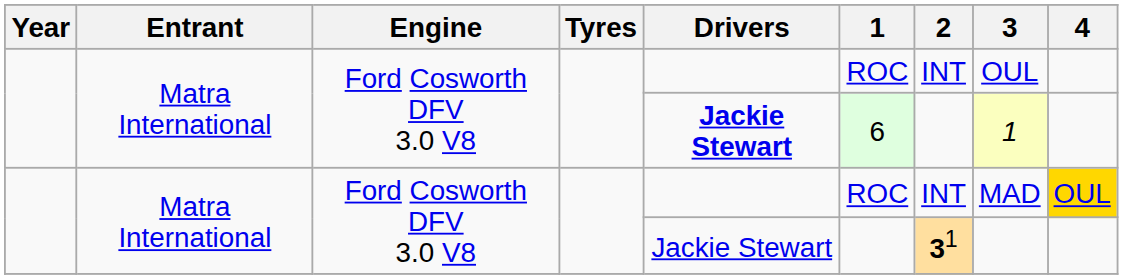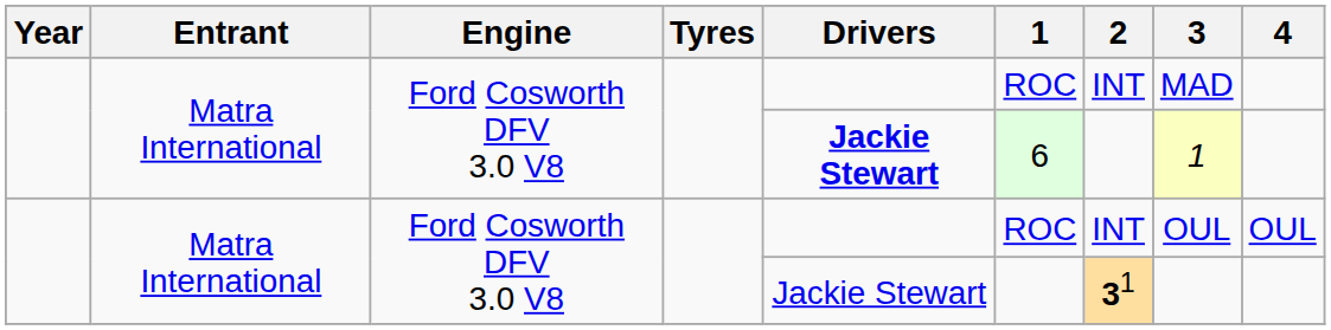 <table class="wikitable" style="text-align:center; font-size:95%">
 <tr>
 <th>Year</th>
 <th>Entrant</th>
 <th>Engine</th>
 <th>Tyres</th>
 <th>Drivers</th>
 <th>1</th>
 <th>2</th>
 <th>3</th>
 <th>4</th>
 </tr>
 <tr>
 <td rowspan=2></td>
 <td rowspan=2><a href='#'>Matra International</a></td>
 <td rowspan=2><a href='#'>Ford</a> <a href='#'>Cosworth DFV</a> <br>3.0 <a href='#'>V8</a></td>
 <td rowspan=2></td>
 <td></td>
 <td><a href='#'>ROC</a></td>
 <td><a href='#'>INT</a></td>
-<td><a href='#'>OUL</a></td>
+<td><a href='#'>MAD</a></td>
 <td></td>
 </tr>
 <tr>
 <td><strong><a href='#'>Jackie Stewart</a></strong></td>
 <td style="background:#dfffdf;">6</td>
 <td></td>
 <td style="background:#fbffbf;"><em>1</em></td>
 <td></td>
 </tr>
 <tr>
 <td rowspan=2></td>
 <td rowspan=2><a href='#'>Matra International</a></td>
 <td rowspan=2><a href='#'>Ford</a> <a href='#'>Cosworth DFV</a> <br>3.0 <a href='#'>V8</a></td>
 <td rowspan=2></td>
 <td></td>
 <td><a href='#'>ROC</a></td>
 <td><a href='#'>INT</a></td>
-<td><a href='#'>MAD</a></td>
-<td style="background: gold;"><a href='#'>OUL</a></td>
+<td><a href='#'>OUL</a></td>
+<td><a href='#'>OUL</a></td>
 </tr>
 <tr>
 <td><a href='#'>Jackie Stewart</a></td>
 <td></td>
 <td style="background:#ffdf9f;"><strong>3</strong><sup>1</sup></td>
 <td></td>
 <td></td>
 </tr>
 </table>
